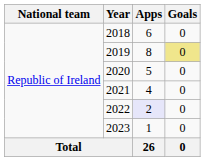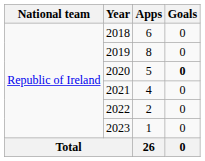 <table class="wikitable" style="text-align:center">
 <tr>
 <th>National team</th>
 <th>Year</th>
 <th>Apps</th>
 <th>Goals</th>
 </tr>
 <tr>
 <td rowspan="6"><a href='#'>Republic of Ireland</a></td>
 <td>2018</td>
 <td>6</td>
 <td>0</td>
 </tr>
 <tr>
 <td>2019</td>
 <td>8</td>
-<td style="background: khaki;">0</td>
+<td>0</td>
 </tr>
 <tr>
 <td>2020</td>
 <td>5</td>
-<td>0</td>
+<td><strong>0</strong></td>
 </tr>
 <tr>
 <td>2021</td>
 <td>4</td>
 <td>0</td>
 </tr>
 <tr>
 <td>2022</td>
-<td style="background: lavender;">2</td>
+<td>2</td>
 <td>0</td>
 </tr>
 <tr>
 <td>2023</td>
 <td>1</td>
 <td>0</td>
 </tr>
 <tr>
 <th colspan="2">Total</th>
 <th>26</th>
 <th>0</th>
 </tr>
 </table>
